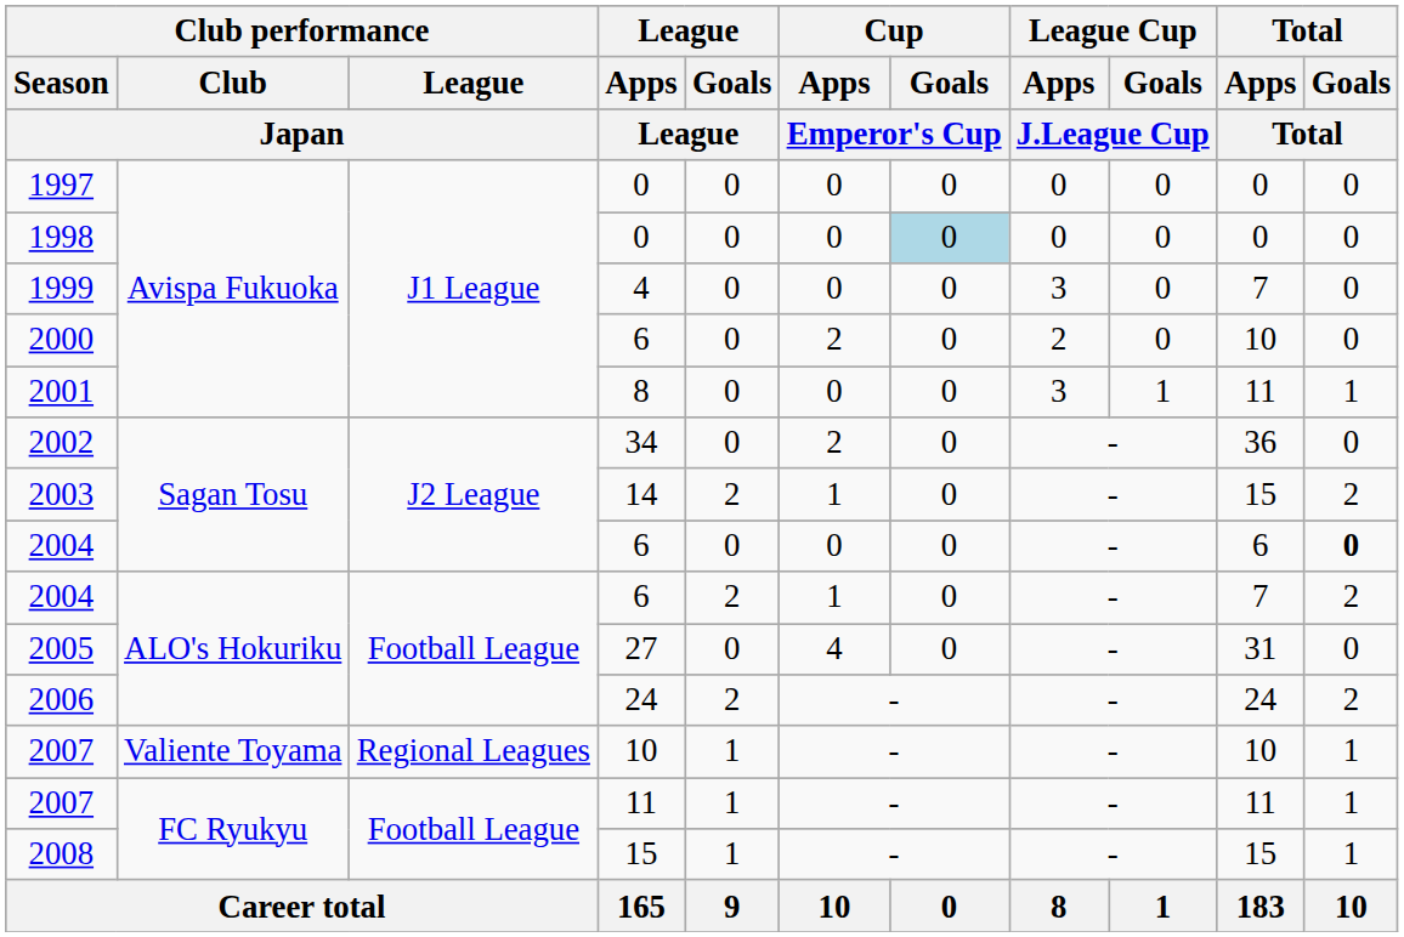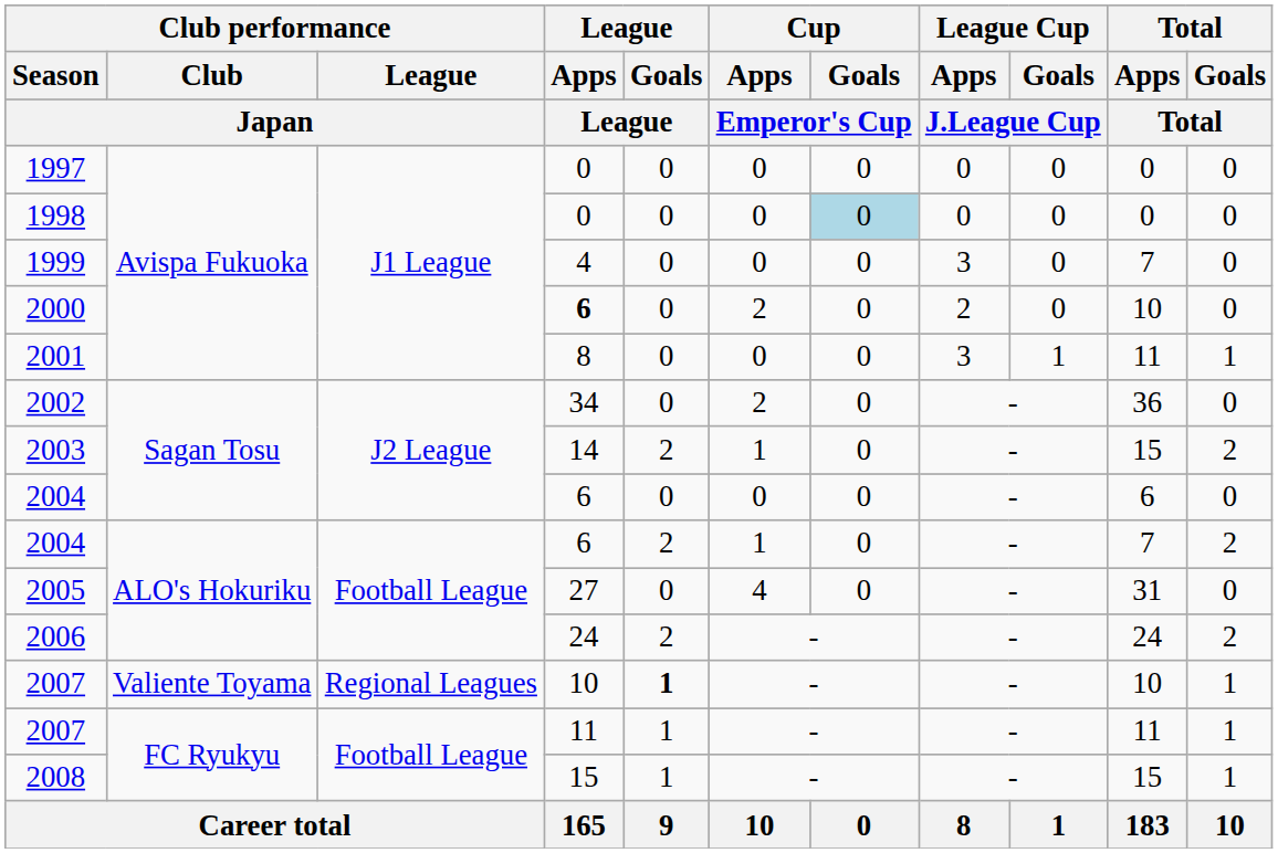 <table class="wikitable" style="text-align:center">
 <tr>
 <th colspan=3>Club performance</th>
 <th colspan=2>League</th>
 <th colspan=2>Cup</th>
 <th colspan=2>League Cup</th>
 <th colspan=2>Total</th>
 </tr>
 <tr>
 <th>Season</th>
 <th>Club</th>
 <th>League</th>
 <th>Apps</th>
 <th>Goals</th>
 <th>Apps</th>
 <th>Goals</th>
 <th>Apps</th>
 <th>Goals</th>
 <th>Apps</th>
 <th>Goals</th>
 </tr>
 <tr>
 <th colspan=3>Japan</th>
 <th colspan=2>League</th>
 <th colspan=2><a href='#'>Emperor's Cup</a></th>
 <th colspan=2><a href='#'>J.League Cup</a></th>
 <th colspan=2>Total</th>
 </tr>
 <tr>
 <td><a href='#'>1997</a></td>
 <td rowspan="5"><a href='#'>Avispa Fukuoka</a></td>
 <td rowspan="5"><a href='#'>J1 League</a></td>
 <td>0</td>
 <td>0</td>
 <td>0</td>
 <td>0</td>
 <td>0</td>
 <td>0</td>
 <td>0</td>
 <td>0</td>
 </tr>
 <tr>
 <td><a href='#'>1998</a></td>
 <td>0</td>
 <td>0</td>
 <td>0</td>
 <td style="background: lightblue;">0</td>
 <td>0</td>
 <td>0</td>
 <td>0</td>
 <td>0</td>
 </tr>
 <tr>
 <td><a href='#'>1999</a></td>
 <td>4</td>
 <td>0</td>
 <td>0</td>
 <td>0</td>
 <td>3</td>
 <td>0</td>
 <td>7</td>
 <td>0</td>
 </tr>
 <tr>
 <td><a href='#'>2000</a></td>
-<td>6</td>
+<td><strong>6</strong></td>
 <td>0</td>
 <td>2</td>
 <td>0</td>
 <td>2</td>
 <td>0</td>
 <td>10</td>
 <td>0</td>
 </tr>
 <tr>
 <td><a href='#'>2001</a></td>
 <td>8</td>
 <td>0</td>
 <td>0</td>
 <td>0</td>
 <td>3</td>
 <td>1</td>
 <td>11</td>
 <td>1</td>
 </tr>
 <tr>
 <td><a href='#'>2002</a></td>
 <td rowspan="3"><a href='#'>Sagan Tosu</a></td>
 <td rowspan="3"><a href='#'>J2 League</a></td>
 <td>34</td>
 <td>0</td>
 <td>2</td>
 <td>0</td>
 <td colspan="2">-</td>
 <td>36</td>
 <td>0</td>
 </tr>
 <tr>
 <td><a href='#'>2003</a></td>
 <td>14</td>
 <td>2</td>
 <td>1</td>
 <td>0</td>
 <td colspan="2">-</td>
 <td>15</td>
 <td>2</td>
 </tr>
 <tr>
 <td><a href='#'>2004</a></td>
 <td>6</td>
 <td>0</td>
 <td>0</td>
 <td>0</td>
 <td colspan="2">-</td>
 <td>6</td>
-<td><strong>0</strong></td>
+<td>0</td>
 </tr>
 <tr>
 <td><a href='#'>2004</a></td>
 <td rowspan="3"><a href='#'>ALO's Hokuriku</a></td>
 <td rowspan="3"><a href='#'>Football League</a></td>
 <td>6</td>
 <td>2</td>
 <td>1</td>
 <td>0</td>
 <td colspan="2">-</td>
 <td>7</td>
 <td>2</td>
 </tr>
 <tr>
 <td><a href='#'>2005</a></td>
 <td>27</td>
 <td>0</td>
 <td>4</td>
 <td>0</td>
 <td colspan="2">-</td>
 <td>31</td>
 <td>0</td>
 </tr>
 <tr>
 <td><a href='#'>2006</a></td>
 <td>24</td>
 <td>2</td>
 <td colspan="2">-</td>
 <td colspan="2">-</td>
 <td>24</td>
 <td>2</td>
 </tr>
 <tr>
 <td><a href='#'>2007</a></td>
 <td><a href='#'>Valiente Toyama</a></td>
 <td><a href='#'>Regional Leagues</a></td>
 <td>10</td>
-<td>1</td>
+<td><strong>1</strong></td>
 <td colspan="2">-</td>
 <td colspan="2">-</td>
 <td>10</td>
 <td>1</td>
 </tr>
 <tr>
 <td><a href='#'>2007</a></td>
 <td rowspan="2"><a href='#'>FC Ryukyu</a></td>
 <td rowspan="2"><a href='#'>Football League</a></td>
 <td>11</td>
 <td>1</td>
 <td colspan="2">-</td>
 <td colspan="2">-</td>
 <td>11</td>
 <td>1</td>
 </tr>
 <tr>
 <td><a href='#'>2008</a></td>
 <td>15</td>
 <td>1</td>
 <td colspan="2">-</td>
 <td colspan="2">-</td>
 <td>15</td>
 <td>1</td>
 </tr>
 <tr>
 <th colspan=3>Career total</th>
 <th>165</th>
 <th>9</th>
 <th>10</th>
 <th>0</th>
 <th>8</th>
 <th>1</th>
 <th>183</th>
 <th>10</th>
 </tr>
 </table>
